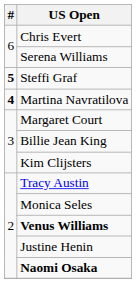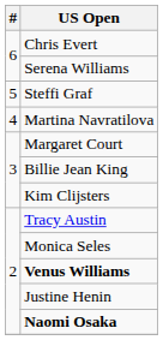 <table class="wikitable">
 <tr>
 <th>#</th>
 <th>US Open</th>
 </tr>
 <tr>
 <td rowspan=2>6</td>
 <td> Chris Evert</td>
 </tr>
 <tr>
 <td> Serena Williams</td>
 </tr>
 <tr>
-<td><strong>5</strong></td>
+<td>5</td>
 <td> Steffi Graf</td>
 </tr>
 <tr>
-<td><strong>4</strong></td>
+<td>4</td>
 <td> Martina Navratilova</td>
 </tr>
 <tr>
 <td rowspan=3>3</td>
 <td> Margaret Court</td>
 </tr>
 <tr>
 <td> Billie Jean King</td>
 </tr>
 <tr>
 <td> Kim Clijsters</td>
 </tr>
 <tr>
 <td rowspan=5>2</td>
 <td> <a href='#'>Tracy Austin</a></td>
 </tr>
 <tr>
 <td> Monica Seles</td>
 </tr>
 <tr>
 <td> <strong>Venus Williams</strong></td>
 </tr>
 <tr>
 <td> Justine Henin</td>
 </tr>
 <tr>
 <td> <strong>Naomi Osaka</strong></td>
 </tr>
 <tr>
 </tr>
 </table>
